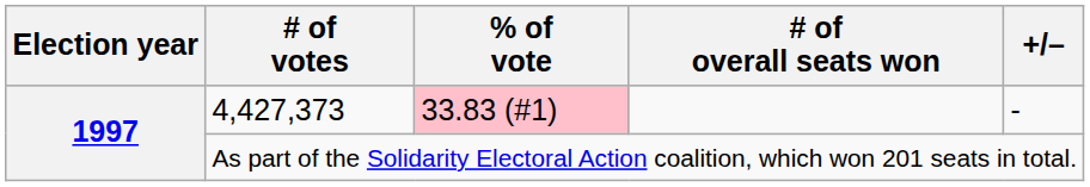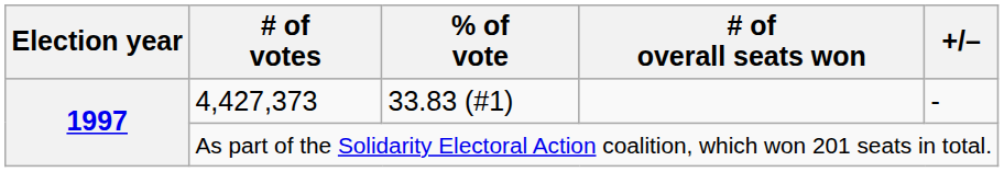 <table class="wikitable">
 <tr>
 <th>Election year</th>
 <th># of<br>votes</th>
 <th>% of<br>vote</th>
 <th># of<br>overall seats won</th>
 <th>+/–</th>
 </tr>
 <tr>
 <th rowspan="2"><a href='#'>1997</a></th>
 <td>4,427,373</td>
-<td style="background: pink;">33.83 (#1)</td>
+<td>33.83 (#1)</td>
 <td></td>
 <td>-</td>
 </tr>
 <tr>
 <td colspan="4"><small>As part of the <a href='#'>Solidarity Electoral Action</a> coalition, which won 201 seats in total.</small></td>
 </tr>
 </table>
